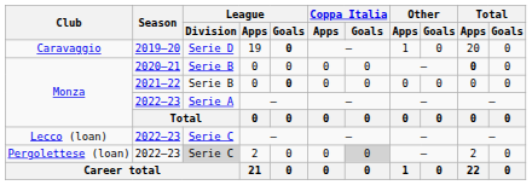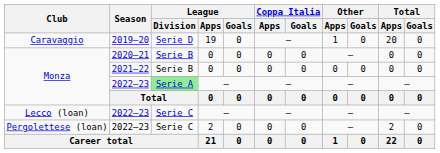 <table class="wikitable" style="text-align:center">
 <tr>
 <th rowspan="2">Club</th>
 <th rowspan="2">Season</th>
 <th colspan="3">League</th>
 <th colspan="2"><a href='#'>Coppa Italia</a></th>
 <th colspan="2">Other</th>
 <th colspan="2">Total</th>
 </tr>
 <tr>
 <th>Division</th>
 <th>Apps</th>
 <th>Goals</th>
 <th>Apps</th>
 <th>Goals</th>
 <th>Apps</th>
 <th>Goals</th>
 <th>Apps</th>
 <th>Goals</th>
 </tr>
 <tr>
 <td><a href='#'>Caravaggio</a></td>
 <td><a href='#'>2019–20</a></td>
 <td><a href='#'>Serie D</a></td>
 <td>19</td>
-<td><strong>0</strong></td>
+<td>0</td>
 <td colspan="2">—</td>
 <td>1</td>
 <td>0</td>
 <td>20</td>
 <td>0</td>
 </tr>
 <tr>
 <td rowspan="4"><a href='#'>Monza</a></td>
 <td><a href='#'>2020–21</a></td>
 <td><a href='#'>Serie B</a></td>
 <td>0</td>
 <td>0</td>
 <td>0</td>
 <td>0</td>
 <td colspan="2">—</td>
-<td><strong>0</strong></td>
+<td>0</td>
 <td>0</td>
 </tr>
 <tr>
 <td><a href='#'>2021–22</a></td>
 <td>Serie B</td>
 <td>0</td>
-<td><strong>0</strong></td>
+<td>0</td>
 <td>0</td>
 <td>0</td>
 <td>0</td>
 <td>0</td>
 <td>0</td>
 <td>0</td>
 </tr>
 <tr>
 <td><a href='#'>2022–23</a></td>
-<td><a href='#'>Serie A</a></td>
+<td style="background: lightgreen;"><a href='#'>Serie A</a></td>
 <td colspan="2">—</td>
 <td colspan="2">—</td>
 <td colspan="2">—</td>
 <td colspan="2">—</td>
 </tr>
 <tr>
 <th colspan="2">Total</th>
 <th>0</th>
 <th>0</th>
 <th>0</th>
 <th>0</th>
 <th>0</th>
 <th>0</th>
 <th>0</th>
 <th>0</th>
 </tr>
 <tr>
 <td><a href='#'>Lecco</a> (loan)</td>
 <td><a href='#'>2022–23</a></td>
 <td><a href='#'>Serie C</a></td>
 <td colspan="2">—</td>
 <td colspan="2">—</td>
 <td colspan="2">—</td>
 <td colspan="2">—</td>
 </tr>
 <tr>
 <td><a href='#'>Pergolettese</a> (loan)</td>
 <td>2022–23</td>
-<td style="background: lightgrey;">Serie C</td>
+<td>Serie C</td>
 <td>2</td>
 <td>0</td>
 <td>0</td>
-<td style="background: lightgrey;">0</td>
+<td>0</td>
 <td colspan="2">—</td>
 <td>2</td>
 <td>0</td>
 </tr>
 <tr>
 <th colspan="3">Career total</th>
 <th>21</th>
 <th>0</th>
 <th>0</th>
 <th>0</th>
 <th>1</th>
 <th>0</th>
 <th>22</th>
 <th>0</th>
 </tr>
 </table>
